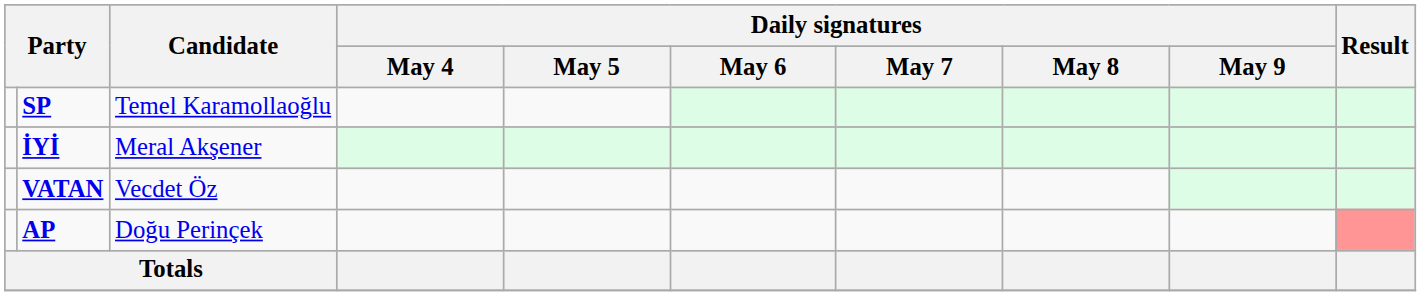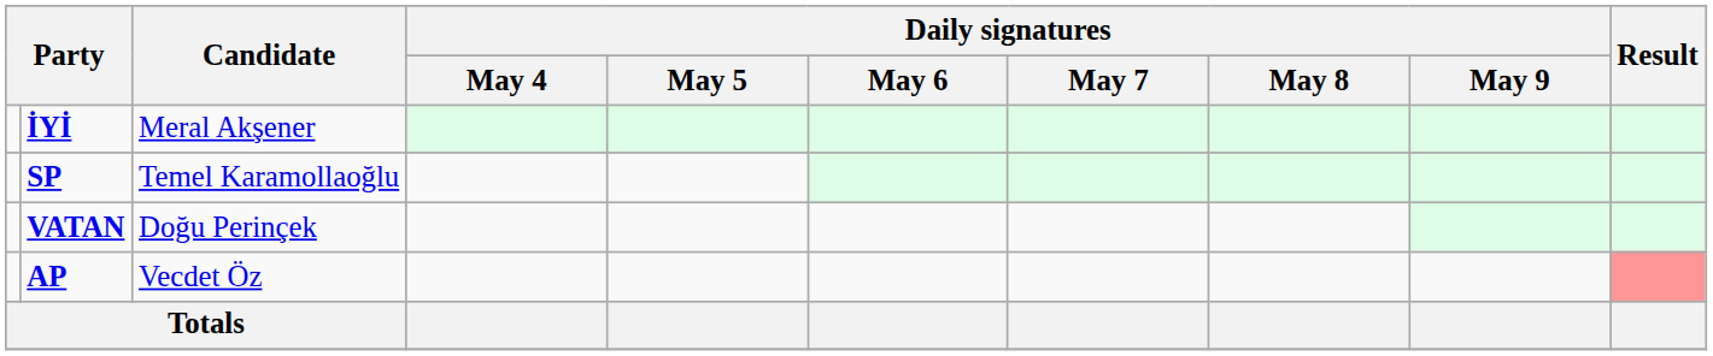 <table class=wikitable style="font-size:90%;">
 <tr>
 <th rowspan="2" colspan="2">Party</th>
 <th rowspan="2">Candidate</th>
 <th colspan="6">Daily signatures</th>
 <th rowspan="2">Result</th>
 </tr>
 <tr>
 <th width="90px">May 4</th>
 <th width="90px">May 5</th>
 <th width="90px">May 6</th>
 <th width="90px">May 7</th>
 <th width="90px">May 8</th>
 <th width="90px">May 9</th>
 </tr>
 <tr>
 <td style="background: "></td>
+<td><strong><a href='#'>İYİ</a></strong></td>
+<td><a href='#'>Meral Akşener</a></td>
+<td style="background: #DEFDE6"></td>
+<td style="background: #DEFDE6"></td>
+<td style="background: #DEFDE6"></td>
+<td style="background: #DEFDE6"></td>
+<td style="background: #DEFDE6"></td>
+<td style="background: #DEFDE6"></td>
+<td style="background: #DEFDE6"></td>
+</tr>
+<tr>
+<td style="background: "></td>
 <td><strong><a href='#'>SP</a></strong></td>
 <td><a href='#'>Temel Karamollaoğlu</a></td>
 <td></td>
 <td></td>
 <td style="background: #DEFDE6"></td>
 <td style="background: #DEFDE6"></td>
 <td style="background: #DEFDE6"></td>
 <td style="background: #DEFDE6"></td>
 <td style="background: #DEFDE6"></td>
 </tr>
 <tr>
 <td style="background: "></td>
-<td><strong><a href='#'>İYİ</a></strong></td>
-<td><a href='#'>Meral Akşener</a></td>
-<td style="background: #DEFDE6"></td>
-<td style="background: #DEFDE6"></td>
-<td style="background: #DEFDE6"></td>
-<td style="background: #DEFDE6"></td>
-<td style="background: #DEFDE6"></td>
-<td style="background: #DEFDE6"></td>
-<td style="background: #DEFDE6"></td>
-</tr>
-<tr>
-<td style="background: "></td>
 <td><strong><a href='#'>VATAN</a></strong></td>
-<td><a href='#'>Vecdet Öz</a></td>
+<td><a href='#'>Doğu Perinçek</a></td>
 <td></td>
 <td></td>
 <td></td>
 <td></td>
 <td></td>
 <td style="background: #DEFDE6"></td>
 <td style="background: #DEFDE6"></td>
 </tr>
 <tr>
 <td style="background: "></td>
 <td><strong><a href='#'>AP</a></strong></td>
-<td><a href='#'>Doğu Perinçek</a></td>
+<td><a href='#'>Vecdet Öz</a></td>
 <td></td>
 <td></td>
 <td></td>
 <td></td>
 <td></td>
 <td></td>
 <td style="background: #FF9595"></td>
 </tr>
 <tr>
 <th colspan=3>Totals</th>
 <th></th>
 <th></th>
 <th></th>
 <th></th>
 <th></th>
 <th></th>
 <th></th>
 </tr>
 <tr>
 </tr>
 </table>
